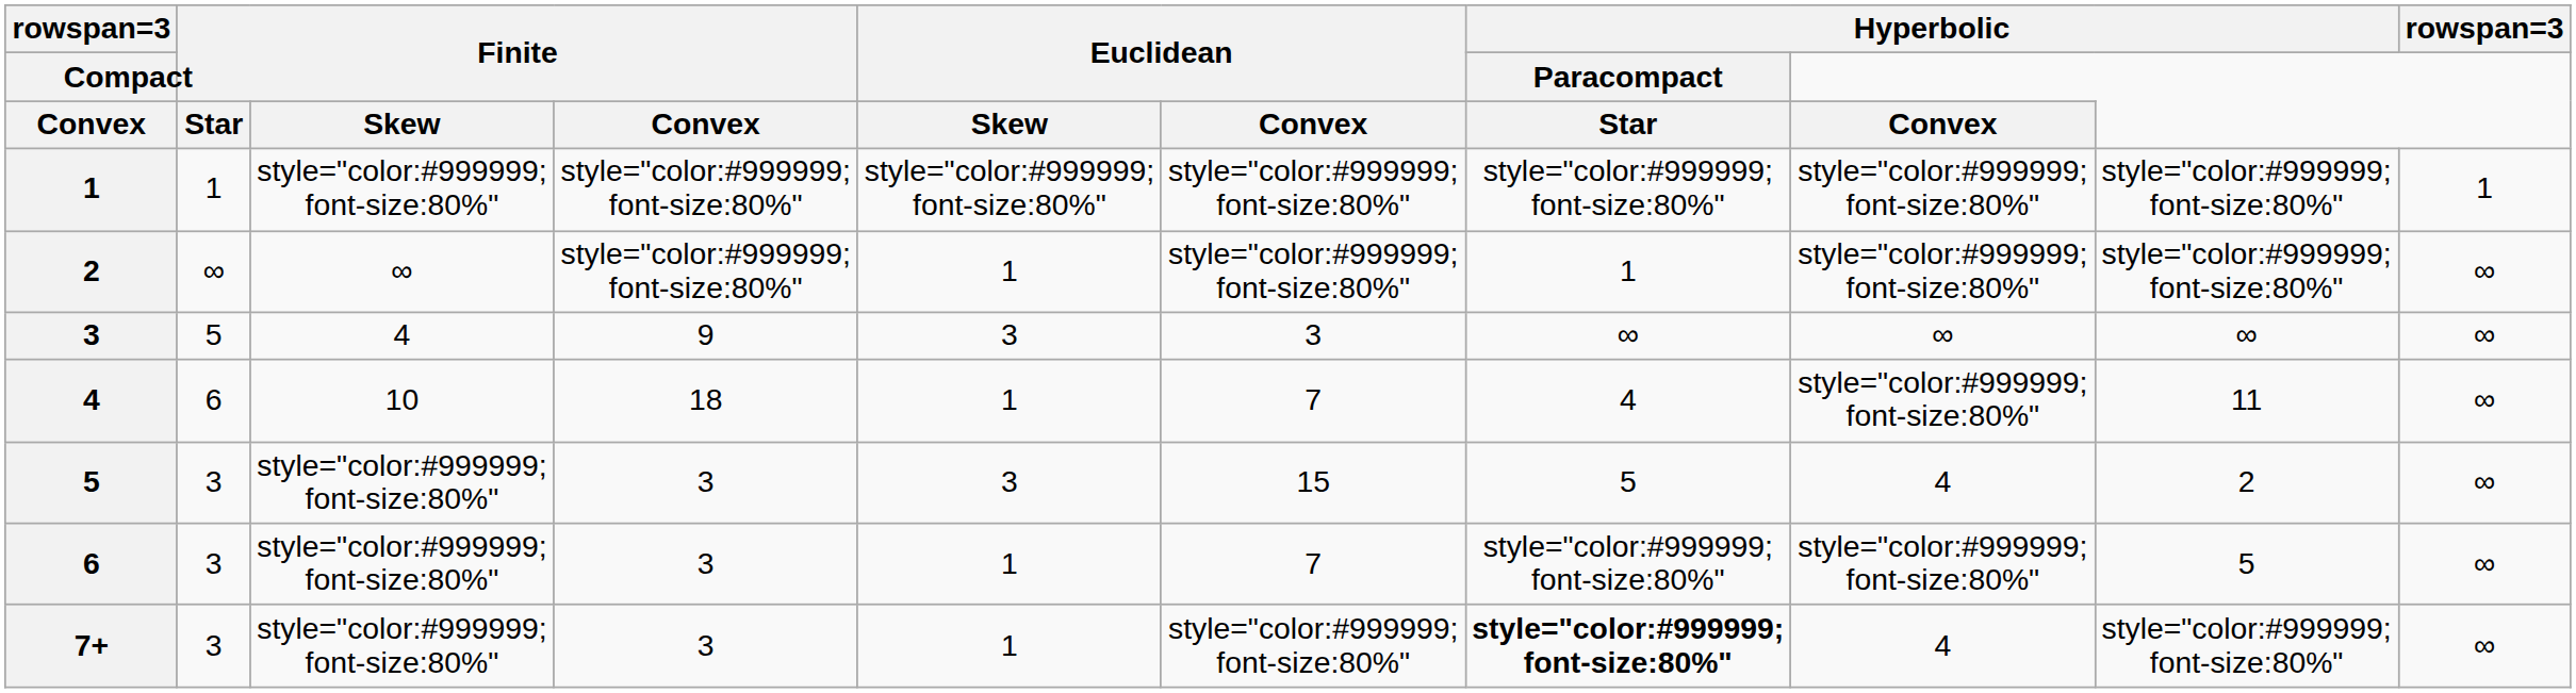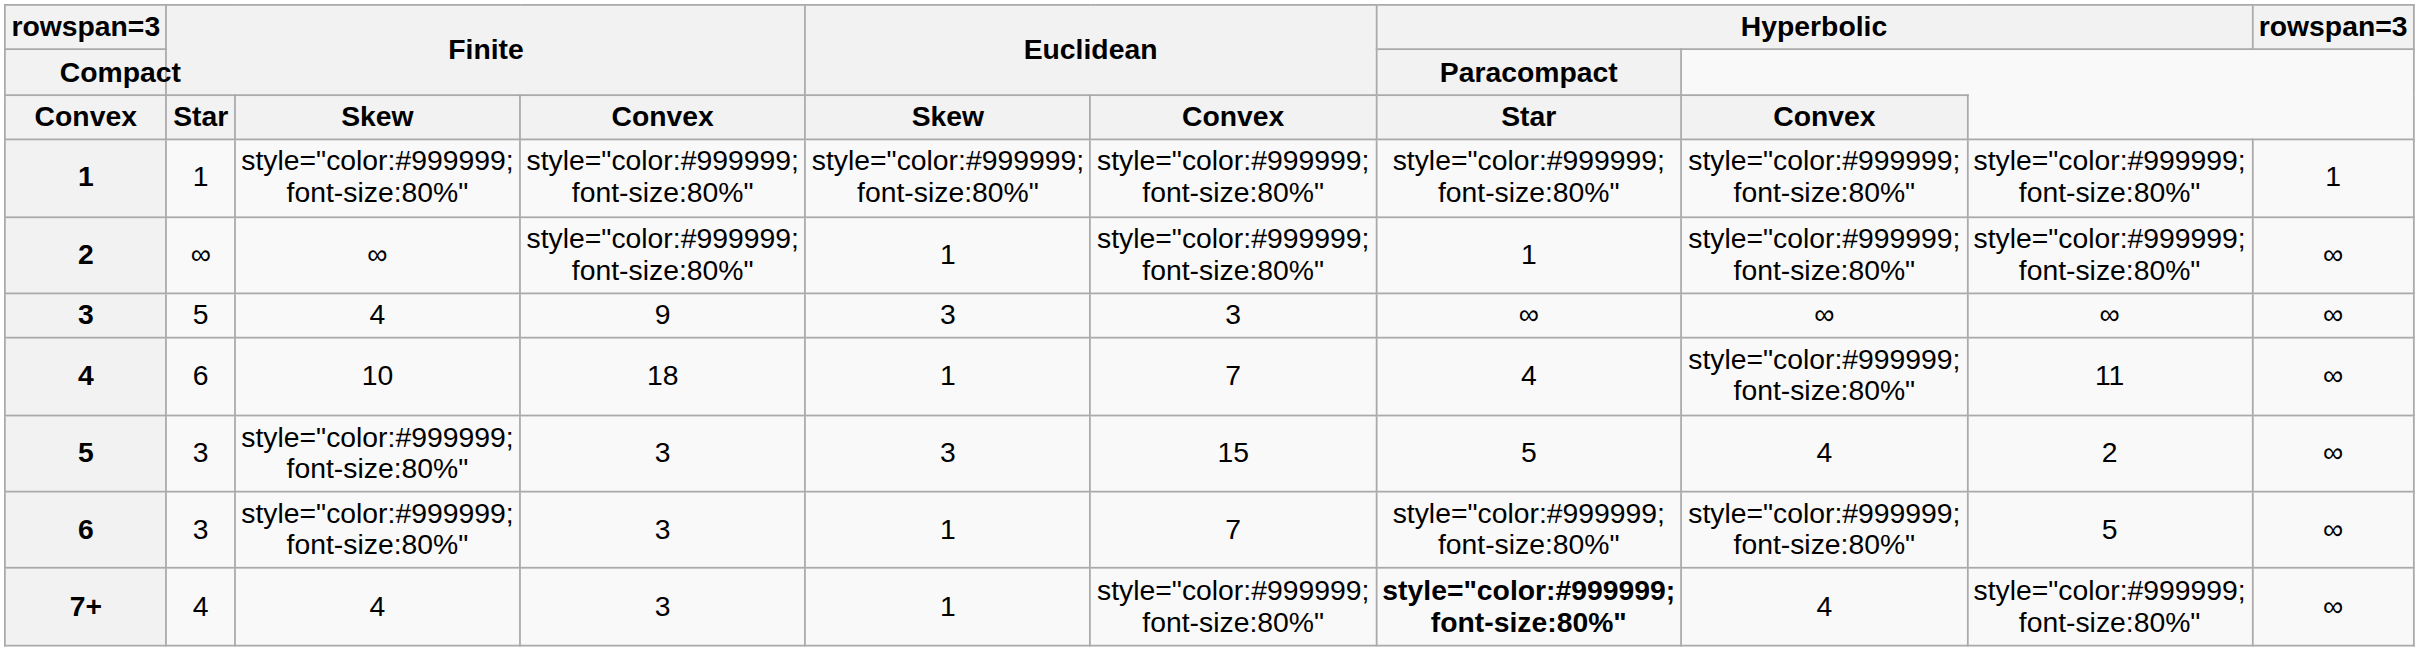 <table class="wikitable">
 <tr>
 <th>rowspan=3 </th>
 <th rowspan=2 colspan=3>Finite</th>
 <th rowspan=2 colspan=2>Euclidean</th>
 <th colspan=3>Hyperbolic</th>
 <th>rowspan=3 </th>
 </tr>
 <tr>
 <th colspan=2>Compact</th>
 <th>Paracompact</th>
 </tr>
 <tr>
 <th>Convex</th>
 <th>Star</th>
 <th>Skew</th>
 <th>Convex</th>
 <th>Skew</th>
 <th>Convex</th>
 <th>Star</th>
 <th>Convex</th>
 </tr>
 <tr align=center>
 <th>1</th>
 <td>1</td>
 <td>style="color:#999999; font-size:80%"</td>
 <td>style="color:#999999; font-size:80%"</td>
 <td>style="color:#999999; font-size:80%"</td>
 <td>style="color:#999999; font-size:80%"</td>
 <td>style="color:#999999; font-size:80%"</td>
 <td>style="color:#999999; font-size:80%"</td>
 <td>style="color:#999999; font-size:80%"</td>
 <td>1</td>
 </tr>
 <tr align=center>
 <th>2</th>
 <td>∞</td>
 <td>∞</td>
 <td>style="color:#999999; font-size:80%"</td>
 <td>1</td>
 <td>style="color:#999999; font-size:80%"</td>
 <td>1</td>
 <td>style="color:#999999; font-size:80%"</td>
 <td>style="color:#999999; font-size:80%"</td>
 <td>∞</td>
 </tr>
 <tr align=center>
 <th>3</th>
 <td>5</td>
 <td>4</td>
 <td>9</td>
 <td>3</td>
 <td>3</td>
 <td>∞</td>
 <td>∞</td>
 <td>∞</td>
 <td>∞</td>
 </tr>
 <tr align=center>
 <th>4</th>
 <td>6</td>
 <td>10</td>
 <td>18</td>
 <td>1</td>
 <td>7</td>
 <td>4</td>
 <td>style="color:#999999; font-size:80%"</td>
 <td>11</td>
 <td>∞</td>
 </tr>
 <tr align=center>
 <th>5</th>
 <td>3</td>
 <td>style="color:#999999; font-size:80%"</td>
 <td>3</td>
 <td>3</td>
 <td>15</td>
 <td>5</td>
 <td>4</td>
 <td>2</td>
 <td>∞</td>
 </tr>
 <tr align=center>
 <th>6</th>
 <td>3</td>
 <td>style="color:#999999; font-size:80%"</td>
 <td>3</td>
 <td>1</td>
 <td>7</td>
 <td>style="color:#999999; font-size:80%"</td>
 <td>style="color:#999999; font-size:80%"</td>
 <td>5</td>
 <td>∞</td>
 </tr>
 <tr align=center>
 <th>7+</th>
-<td>3</td>
-<td>style="color:#999999; font-size:80%"</td>
+<td>4</td>
+<td>4</td>
 <td>3</td>
 <td>1</td>
 <td>style="color:#999999; font-size:80%"</td>
 <td><strong>style="color:#999999; font-size:80%"</strong></td>
 <td>4</td>
 <td>style="color:#999999; font-size:80%"</td>
 <td>∞</td>
 </tr>
 </table>
